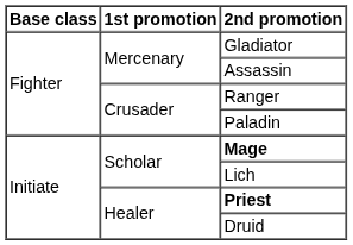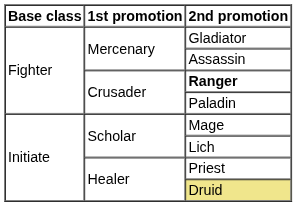 <table border="1" cellpadding="2" cellspacing="0" style="float: left; margin-right: 20px; font-size: 90%;">
 <tr>
 <th>Base class</th>
 <th>1st promotion</th>
 <th>2nd promotion</th>
 </tr>
 <tr>
 <td rowspan="4">Fighter</td>
 <td rowspan="2">Mercenary</td>
 <td>Gladiator</td>
 </tr>
 <tr>
 <td>Assassin</td>
 </tr>
 <tr>
 <td rowspan="2">Crusader</td>
-<td>Ranger</td>
+<td><strong>Ranger</strong></td>
 </tr>
 <tr>
 <td>Paladin</td>
 </tr>
 <tr>
 <td rowspan="4">Initiate</td>
 <td rowspan="2">Scholar</td>
-<td><strong>Mage</strong></td>
+<td>Mage</td>
 </tr>
 <tr>
 <td>Lich</td>
 </tr>
 <tr>
 <td rowspan="2">Healer</td>
-<td><strong>Priest</strong></td>
+<td>Priest</td>
 </tr>
 <tr>
-<td>Druid</td>
+<td style="background: khaki;">Druid</td>
 </tr>
 </table>
